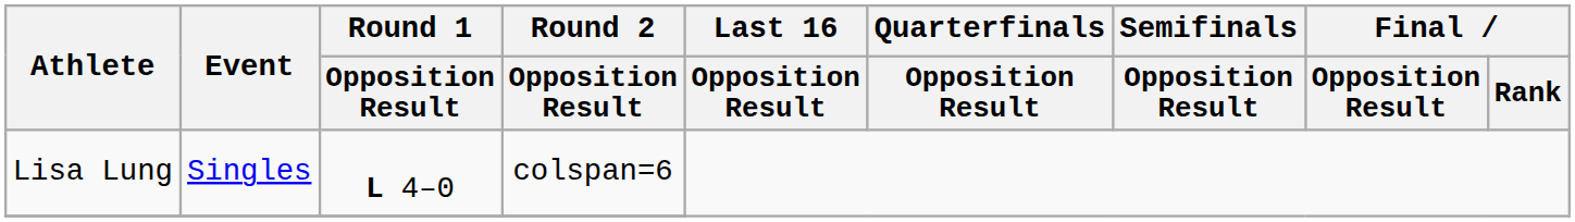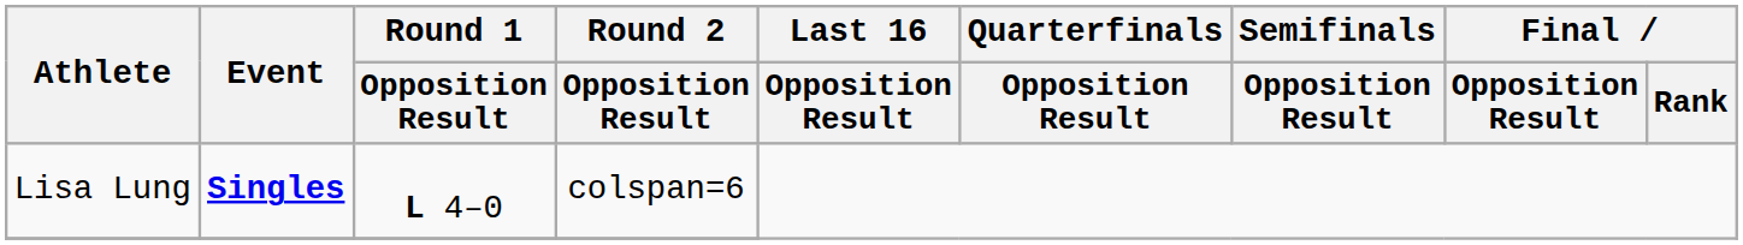 <table class="wikitable" style="font-size:90%">
 <tr>
 <th rowspan=2>Athlete</th>
 <th rowspan=2>Event</th>
 <th>Round 1</th>
 <th>Round 2</th>
 <th>Last 16</th>
 <th>Quarterfinals</th>
 <th>Semifinals</th>
 <th colspan=2>Final / </th>
 </tr>
 <tr style="font-size:95%">
 <th>Opposition<br>Result</th>
 <th>Opposition<br>Result</th>
 <th>Opposition<br>Result</th>
 <th>Opposition<br>Result</th>
 <th>Opposition<br>Result</th>
 <th>Opposition<br>Result</th>
 <th>Rank</th>
 </tr>
 <tr align=center>
 <td align=left>Lisa Lung</td>
-<td align=left><a href='#'>Singles</a></td>
+<td align=left><strong><a href='#'>Singles</a></strong></td>
 <td><br><strong>L</strong> 4–0</td>
 <td>colspan=6 </td>
 </tr>
 <tr align=center>
 </tr>
 </table>
